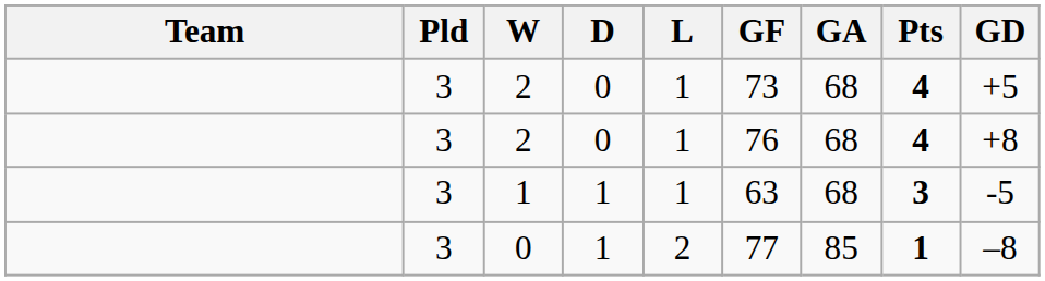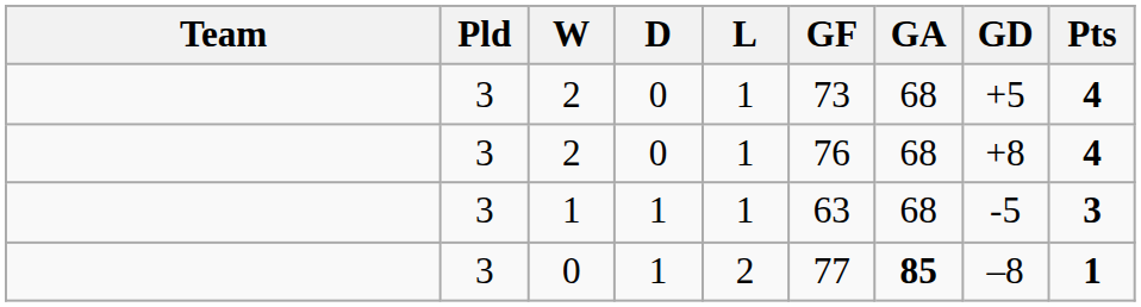 <table class="wikitable" style="text-align: center;">
 <tr>
 <th width="180">Team</th>
 <th width="30">Pld</th>
 <th width="30">W</th>
 <th width="30">D</th>
 <th width="30">L</th>
 <th width="30">GF</th>
 <th width="30">GA</th>
+<th width="30">GD</th>
 <th width="30">Pts</th>
-<th width="30">GD</th>
 </tr>
 <tr>
 <td align="left"></td>
 <td>3</td>
 <td>2</td>
 <td>0</td>
 <td>1</td>
 <td>73</td>
 <td>68</td>
+<td>+5</td>
 <td><strong>4</strong></td>
-<td>+5</td>
 </tr>
 <tr>
 <td align="left"></td>
 <td>3</td>
 <td>2</td>
 <td>0</td>
 <td>1</td>
 <td>76</td>
 <td>68</td>
+<td>+8</td>
 <td><strong>4</strong></td>
-<td>+8</td>
 </tr>
 <tr>
 <td align="left"></td>
 <td>3</td>
 <td>1</td>
 <td>1</td>
 <td>1</td>
 <td>63</td>
 <td>68</td>
+<td>-5</td>
 <td><strong>3</strong></td>
-<td>-5</td>
 </tr>
 <tr>
 <td align="left"></td>
 <td>3</td>
 <td>0</td>
 <td>1</td>
 <td>2</td>
 <td>77</td>
-<td>85</td>
+<td><strong>85</strong></td>
+<td>–8</td>
 <td><strong>1</strong></td>
-<td>–8</td>
 </tr>
 </table>
